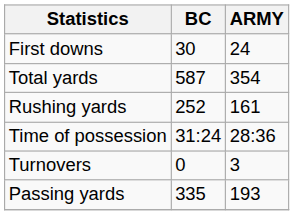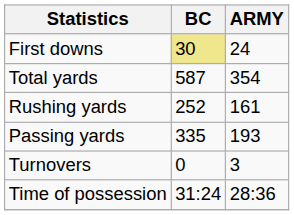 <table class="wikitable" style="float: left;">
 <tr>
 <th>Statistics</th>
 <th>BC</th>
 <th>ARMY</th>
 </tr>
 <tr>
 <td>First downs</td>
-<td>30</td>
+<td style="background: khaki;">30</td>
 <td>24</td>
 </tr>
 <tr>
 <td>Total yards</td>
 <td>587</td>
 <td>354</td>
 </tr>
 <tr>
 <td>Rushing yards</td>
 <td>252</td>
 <td>161</td>
 </tr>
 <tr>
-<td>Time of possession</td>
-<td>31:24</td>
-<td>28:36</td>
+<td>Passing yards</td>
+<td>335</td>
+<td>193</td>
 </tr>
 <tr>
 <td>Turnovers</td>
 <td>0</td>
 <td>3</td>
 </tr>
 <tr>
-<td>Passing yards</td>
-<td>335</td>
-<td>193</td>
+<td>Time of possession</td>
+<td>31:24</td>
+<td>28:36</td>
 </tr>
 <tr>
 </tr>
 </table>
